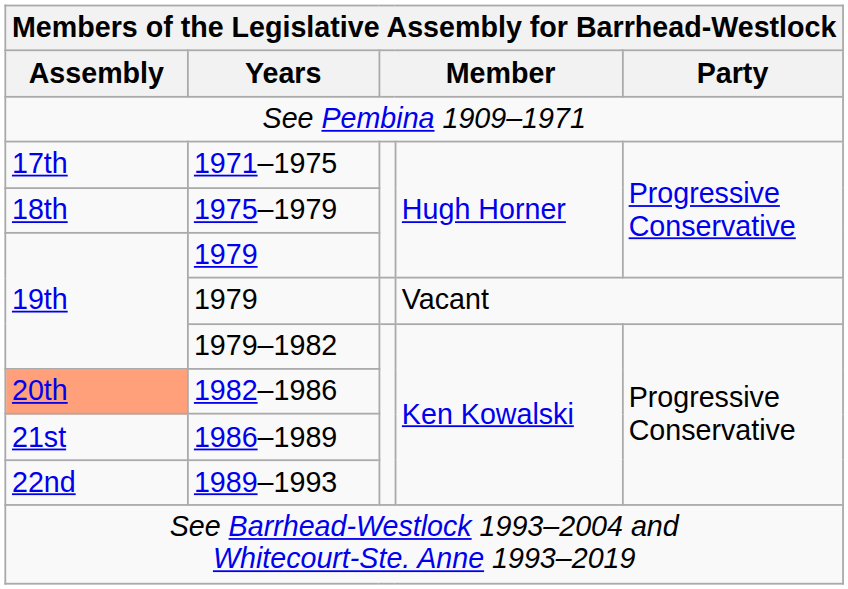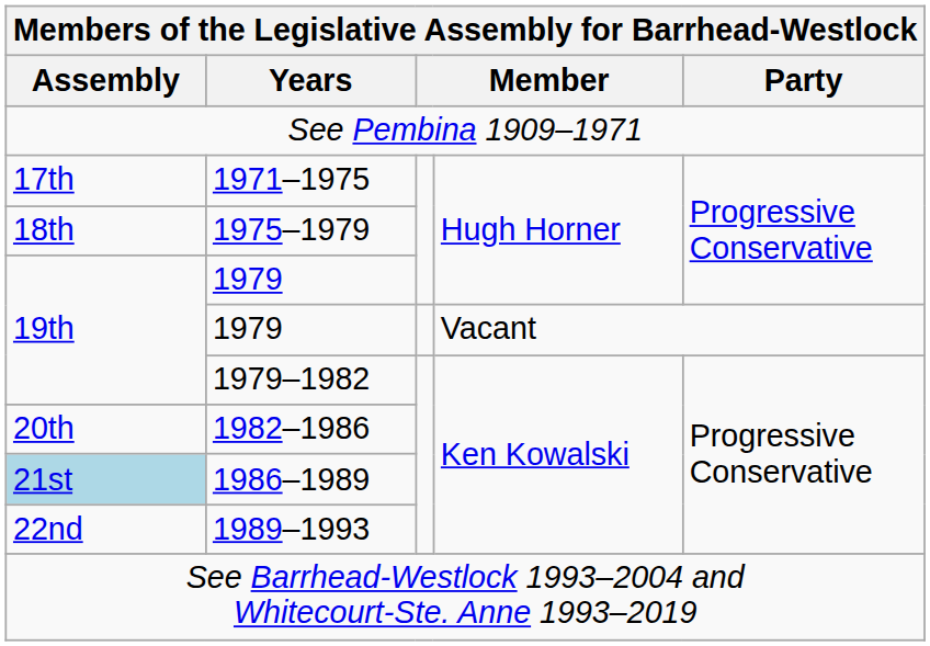 <table class=wikitable align=right>
 <tr>
 <th colspan=5>Members of the Legislative Assembly for Barrhead-Westlock</th>
 </tr>
 <tr>
 <th>Assembly</th>
 <th>Years</th>
 <th colspan=2>Member</th>
 <th>Party</th>
 </tr>
 <tr>
 <td colspan=5 align=center><em>See <a href='#'>Pembina</a> 1909–1971</em></td>
 </tr>
 <tr>
 <td><a href='#'>17th</a></td>
 <td><a href='#'>1971</a>–1975</td>
 <td rowspan=3 ></td>
 <td rowspan=3><a href='#'>Hugh Horner</a></td>
 <td rowspan=3><a href='#'>Progressive<br>Conservative</a></td>
 </tr>
 <tr>
 <td><a href='#'>18th</a></td>
 <td><a href='#'>1975</a>–1979</td>
 </tr>
 <tr>
 <td rowspan=3><a href='#'>19th</a></td>
 <td><a href='#'>1979</a></td>
 </tr>
 <tr>
 <td>1979</td>
 <td></td>
 <td colspan=2>Vacant</td>
 </tr>
 <tr>
 <td>1979–1982</td>
 <td rowspan=4 ></td>
 <td rowspan=4><a href='#'>Ken Kowalski</a></td>
 <td rowspan=4>Progressive<br>Conservative</td>
 </tr>
 <tr>
-<td style="background: lightsalmon;"><a href='#'>20th</a></td>
+<td><a href='#'>20th</a></td>
 <td><a href='#'>1982</a>–1986</td>
 </tr>
 <tr>
-<td><a href='#'>21st</a></td>
+<td style="background: lightblue;"><a href='#'>21st</a></td>
 <td><a href='#'>1986</a>–1989</td>
 </tr>
 <tr>
 <td><a href='#'>22nd</a></td>
 <td><a href='#'>1989</a>–1993</td>
 </tr>
 <tr>
 <td colspan=5 align=center><em>See <a href='#'>Barrhead-Westlock</a> 1993–2004 and <br><a href='#'>Whitecourt-Ste. Anne</a> 1993–2019</em></td>
 </tr>
 </table>
